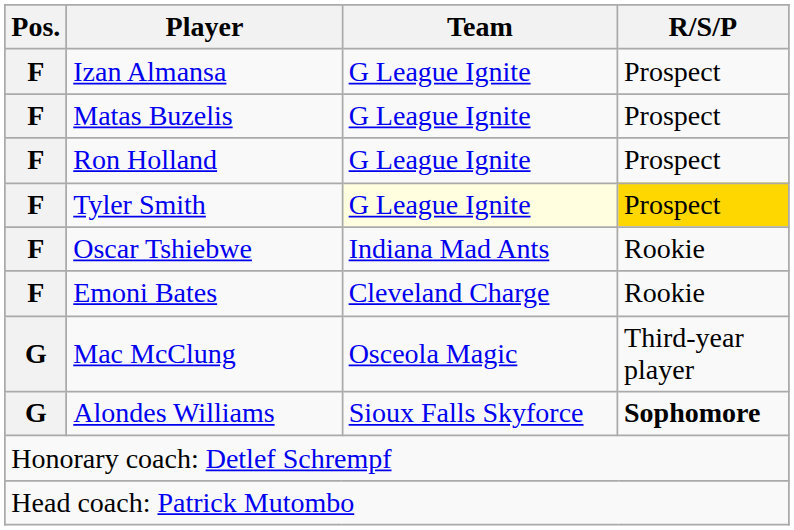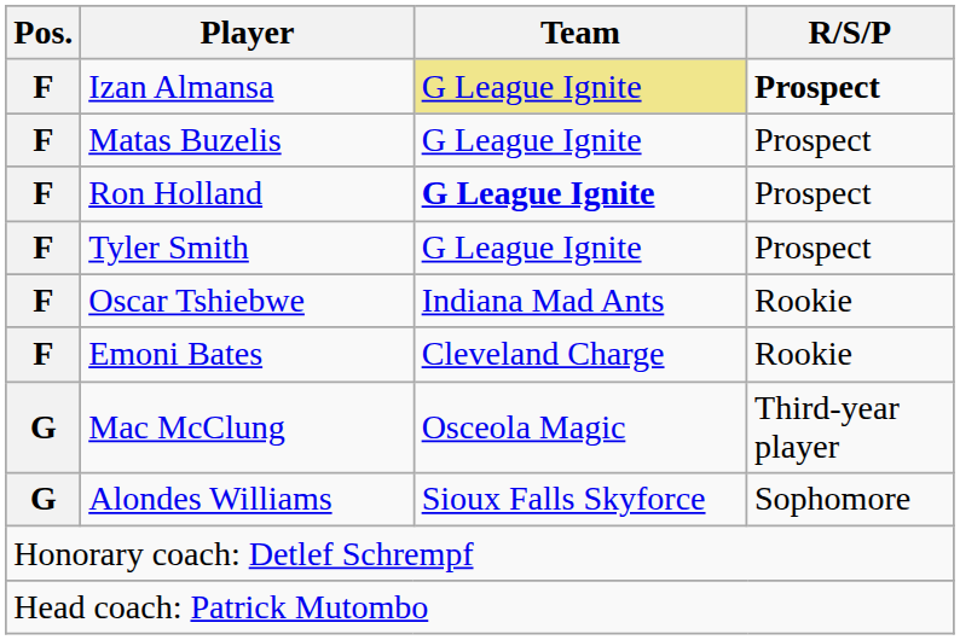 <table class="wikitable">
 <tr>
 <th>Pos.</th>
 <th style="width:150px;">Player</th>
 <th width=150>Team</th>
 <th width=90>R/S/P</th>
 </tr>
 <tr>
 <th>F</th>
 <td><a href='#'>Izan Almansa</a></td>
-<td><a href='#'>G League Ignite</a></td>
-<td>Prospect</td>
+<td style="background: khaki;"><a href='#'>G League Ignite</a></td>
+<td><strong>Prospect</strong></td>
 </tr>
 <tr>
 <th>F</th>
 <td><a href='#'>Matas Buzelis</a></td>
 <td><a href='#'>G League Ignite</a></td>
 <td>Prospect</td>
 </tr>
 <tr>
 <th>F</th>
 <td><a href='#'>Ron Holland</a></td>
-<td><a href='#'>G League Ignite</a></td>
+<td><strong><a href='#'>G League Ignite</a></strong></td>
 <td>Prospect</td>
 </tr>
 <tr>
 <th>F</th>
 <td><a href='#'>Tyler Smith</a></td>
-<td style="background: lightyellow;"><a href='#'>G League Ignite</a></td>
-<td style="background: gold;">Prospect</td>
+<td><a href='#'>G League Ignite</a></td>
+<td>Prospect</td>
 </tr>
 <tr>
 <th>F</th>
 <td><a href='#'>Oscar Tshiebwe</a></td>
 <td><a href='#'>Indiana Mad Ants</a></td>
 <td>Rookie</td>
 </tr>
 <tr>
 <th>F</th>
 <td><a href='#'>Emoni Bates</a></td>
 <td><a href='#'>Cleveland Charge</a></td>
 <td>Rookie</td>
 </tr>
 <tr>
 <th>G</th>
 <td><a href='#'>Mac McClung</a></td>
 <td><a href='#'>Osceola Magic</a></td>
 <td>Third-year player</td>
 </tr>
 <tr>
 <th>G</th>
 <td><a href='#'>Alondes Williams</a></td>
 <td><a href='#'>Sioux Falls Skyforce</a></td>
-<td><strong>Sophomore</strong></td>
+<td>Sophomore</td>
 </tr>
 <tr>
 <td colspan="5">Honorary coach: <a href='#'>Detlef Schrempf</a></td>
 </tr>
 <tr>
 <td colspan="5">Head coach: <a href='#'>Patrick Mutombo</a></td>
 </tr>
 </table>
